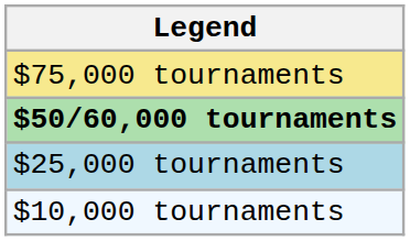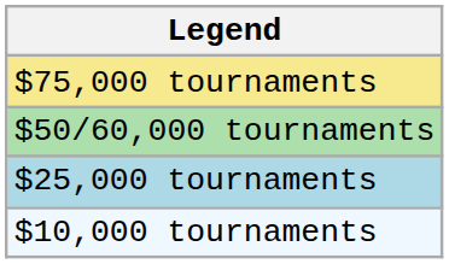 <table class="wikitable" style="font-size:85%">
 <tr>
 <th>Legend</th>
 </tr>
 <tr style="background:#f7e98e;">
 <td>$75,000 tournaments</td>
 </tr>
 <tr style="background:#addfad;">
-<td><strong>$50/60,000 tournaments</strong></td>
+<td>$50/60,000 tournaments</td>
 </tr>
 <tr style="background:lightblue;">
 <td>$25,000 tournaments</td>
 </tr>
 <tr style="background:#f0f8ff;">
 <td>$10,000 tournaments</td>
 </tr>
 </table>
